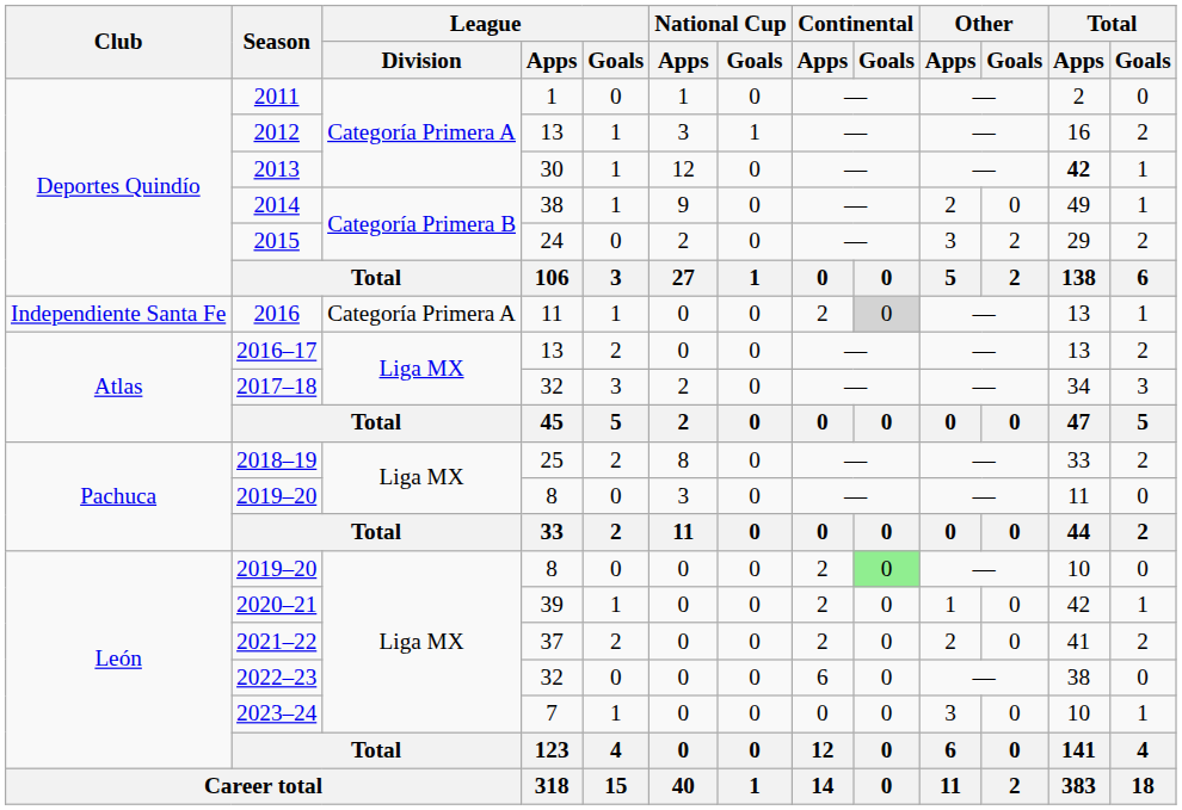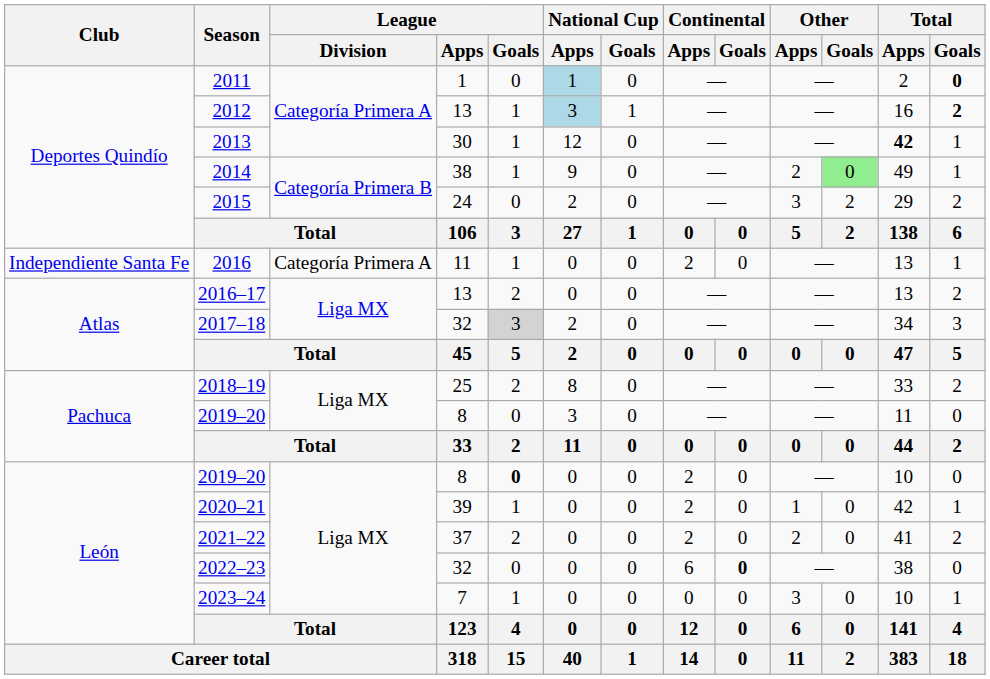 <table class="wikitable", style="text-align:center">
 <tr>
 <th rowspan="2">Club</th>
 <th rowspan="2">Season</th>
 <th colspan="3">League</th>
 <th colspan="2">National Cup</th>
 <th colspan="2">Continental</th>
 <th colspan="2">Other</th>
 <th colspan="2">Total</th>
 </tr>
 <tr>
 <th>Division</th>
 <th>Apps</th>
 <th>Goals</th>
 <th>Apps</th>
 <th>Goals</th>
 <th>Apps</th>
 <th>Goals</th>
 <th>Apps</th>
 <th>Goals</th>
 <th>Apps</th>
 <th>Goals</th>
 </tr>
 <tr>
 <td rowspan="6"><a href='#'>Deportes Quindío</a></td>
 <td><a href='#'>2011</a></td>
 <td rowspan="3"><a href='#'>Categoría Primera A</a></td>
 <td>1</td>
 <td>0</td>
-<td>1</td>
+<td style="background: lightblue;">1</td>
 <td>0</td>
 <td colspan="2">—</td>
 <td colspan="2">—</td>
 <td>2</td>
-<td>0</td>
+<td><strong>0</strong></td>
 </tr>
 <tr>
 <td><a href='#'>2012</a></td>
 <td>13</td>
 <td>1</td>
-<td>3</td>
+<td style="background: lightblue;">3</td>
 <td>1</td>
 <td colspan="2">—</td>
 <td colspan="2">—</td>
 <td>16</td>
-<td>2</td>
+<td><strong>2</strong></td>
 </tr>
 <tr>
 <td><a href='#'>2013</a></td>
 <td>30</td>
 <td>1</td>
 <td>12</td>
 <td>0</td>
 <td colspan="2">—</td>
 <td colspan="2">—</td>
 <td><strong>42</strong></td>
 <td>1</td>
 </tr>
 <tr>
 <td><a href='#'>2014</a></td>
 <td rowspan="2"><a href='#'>Categoría Primera B</a></td>
 <td>38</td>
 <td>1</td>
 <td>9</td>
 <td>0</td>
 <td colspan="2">—</td>
 <td>2</td>
-<td>0</td>
+<td style="background: lightgreen;">0</td>
 <td>49</td>
 <td>1</td>
 </tr>
 <tr>
 <td><a href='#'>2015</a></td>
 <td>24</td>
 <td>0</td>
 <td>2</td>
 <td>0</td>
 <td colspan="2">—</td>
 <td>3</td>
 <td>2</td>
 <td>29</td>
 <td>2</td>
 </tr>
 <tr>
 <th colspan="2">Total</th>
 <th>106</th>
 <th>3</th>
 <th>27</th>
 <th>1</th>
 <th>0</th>
 <th>0</th>
 <th>5</th>
 <th>2</th>
 <th>138</th>
 <th>6</th>
 </tr>
 <tr>
 <td><a href='#'>Independiente Santa Fe</a></td>
 <td><a href='#'>2016</a></td>
 <td>Categoría Primera A</td>
 <td>11</td>
 <td>1</td>
 <td>0</td>
 <td>0</td>
 <td>2</td>
-<td style="background: lightgrey;">0</td>
+<td>0</td>
 <td colspan="2">—</td>
 <td>13</td>
 <td>1</td>
 </tr>
 <tr>
 <td rowspan="3"><a href='#'>Atlas</a></td>
 <td><a href='#'>2016–17</a></td>
 <td rowspan="2"><a href='#'>Liga MX</a></td>
 <td>13</td>
 <td>2</td>
 <td>0</td>
 <td>0</td>
 <td colspan="2">—</td>
 <td colspan="2">—</td>
 <td>13</td>
 <td>2</td>
 </tr>
 <tr>
 <td><a href='#'>2017–18</a></td>
 <td>32</td>
-<td>3</td>
+<td style="background: lightgrey;">3</td>
 <td>2</td>
 <td>0</td>
 <td colspan="2">—</td>
 <td colspan="2">—</td>
 <td>34</td>
 <td>3</td>
 </tr>
 <tr>
 <th colspan="2">Total</th>
 <th>45</th>
 <th>5</th>
 <th>2</th>
 <th>0</th>
 <th>0</th>
 <th>0</th>
 <th>0</th>
 <th>0</th>
 <th>47</th>
 <th>5</th>
 </tr>
 <tr>
 <td rowspan="3"><a href='#'>Pachuca</a></td>
 <td><a href='#'>2018–19</a></td>
 <td rowspan="2">Liga MX</td>
 <td>25</td>
 <td>2</td>
 <td>8</td>
 <td>0</td>
 <td colspan="2">—</td>
 <td colspan="2">—</td>
 <td>33</td>
 <td>2</td>
 </tr>
 <tr>
 <td><a href='#'>2019–20</a></td>
 <td>8</td>
 <td>0</td>
 <td>3</td>
 <td>0</td>
 <td colspan="2">—</td>
 <td colspan="2">—</td>
 <td>11</td>
 <td>0</td>
 </tr>
 <tr>
 <th colspan="2">Total</th>
 <th>33</th>
 <th>2</th>
 <th>11</th>
 <th>0</th>
 <th>0</th>
 <th>0</th>
 <th>0</th>
 <th>0</th>
 <th>44</th>
 <th>2</th>
 </tr>
 <tr>
 <td rowspan="6"><a href='#'>León</a></td>
 <td><a href='#'>2019–20</a></td>
 <td rowspan="5">Liga MX</td>
 <td>8</td>
-<td>0</td>
+<td><strong>0</strong></td>
 <td>0</td>
 <td>0</td>
 <td>2</td>
-<td style="background: lightgreen;">0</td>
+<td>0</td>
 <td colspan="2">—</td>
 <td>10</td>
 <td>0</td>
 </tr>
 <tr>
 <td><a href='#'>2020–21</a></td>
 <td>39</td>
 <td>1</td>
 <td>0</td>
 <td>0</td>
 <td>2</td>
 <td>0</td>
 <td>1</td>
 <td>0</td>
 <td>42</td>
 <td>1</td>
 </tr>
 <tr>
 <td><a href='#'>2021–22</a></td>
 <td>37</td>
 <td>2</td>
 <td>0</td>
 <td>0</td>
 <td>2</td>
 <td>0</td>
 <td>2</td>
 <td>0</td>
 <td>41</td>
 <td>2</td>
 </tr>
 <tr>
 <td><a href='#'>2022–23</a></td>
 <td>32</td>
 <td>0</td>
 <td>0</td>
 <td>0</td>
 <td>6</td>
-<td>0</td>
+<td><strong>0</strong></td>
 <td colspan="2">—</td>
 <td>38</td>
 <td>0</td>
 </tr>
 <tr>
 <td><a href='#'>2023–24</a></td>
 <td>7</td>
 <td>1</td>
 <td>0</td>
 <td>0</td>
 <td>0</td>
 <td>0</td>
 <td>3</td>
 <td>0</td>
 <td>10</td>
 <td>1</td>
 </tr>
 <tr>
 <th colspan="2">Total</th>
 <th>123</th>
 <th>4</th>
 <th>0</th>
 <th>0</th>
 <th>12</th>
 <th>0</th>
 <th>6</th>
 <th>0</th>
 <th>141</th>
 <th>4</th>
 </tr>
 <tr>
 <th colspan="3">Career total</th>
 <th>318</th>
 <th>15</th>
 <th>40</th>
 <th>1</th>
 <th>14</th>
 <th>0</th>
 <th>11</th>
 <th>2</th>
 <th>383</th>
 <th>18</th>
 </tr>
 </table>
